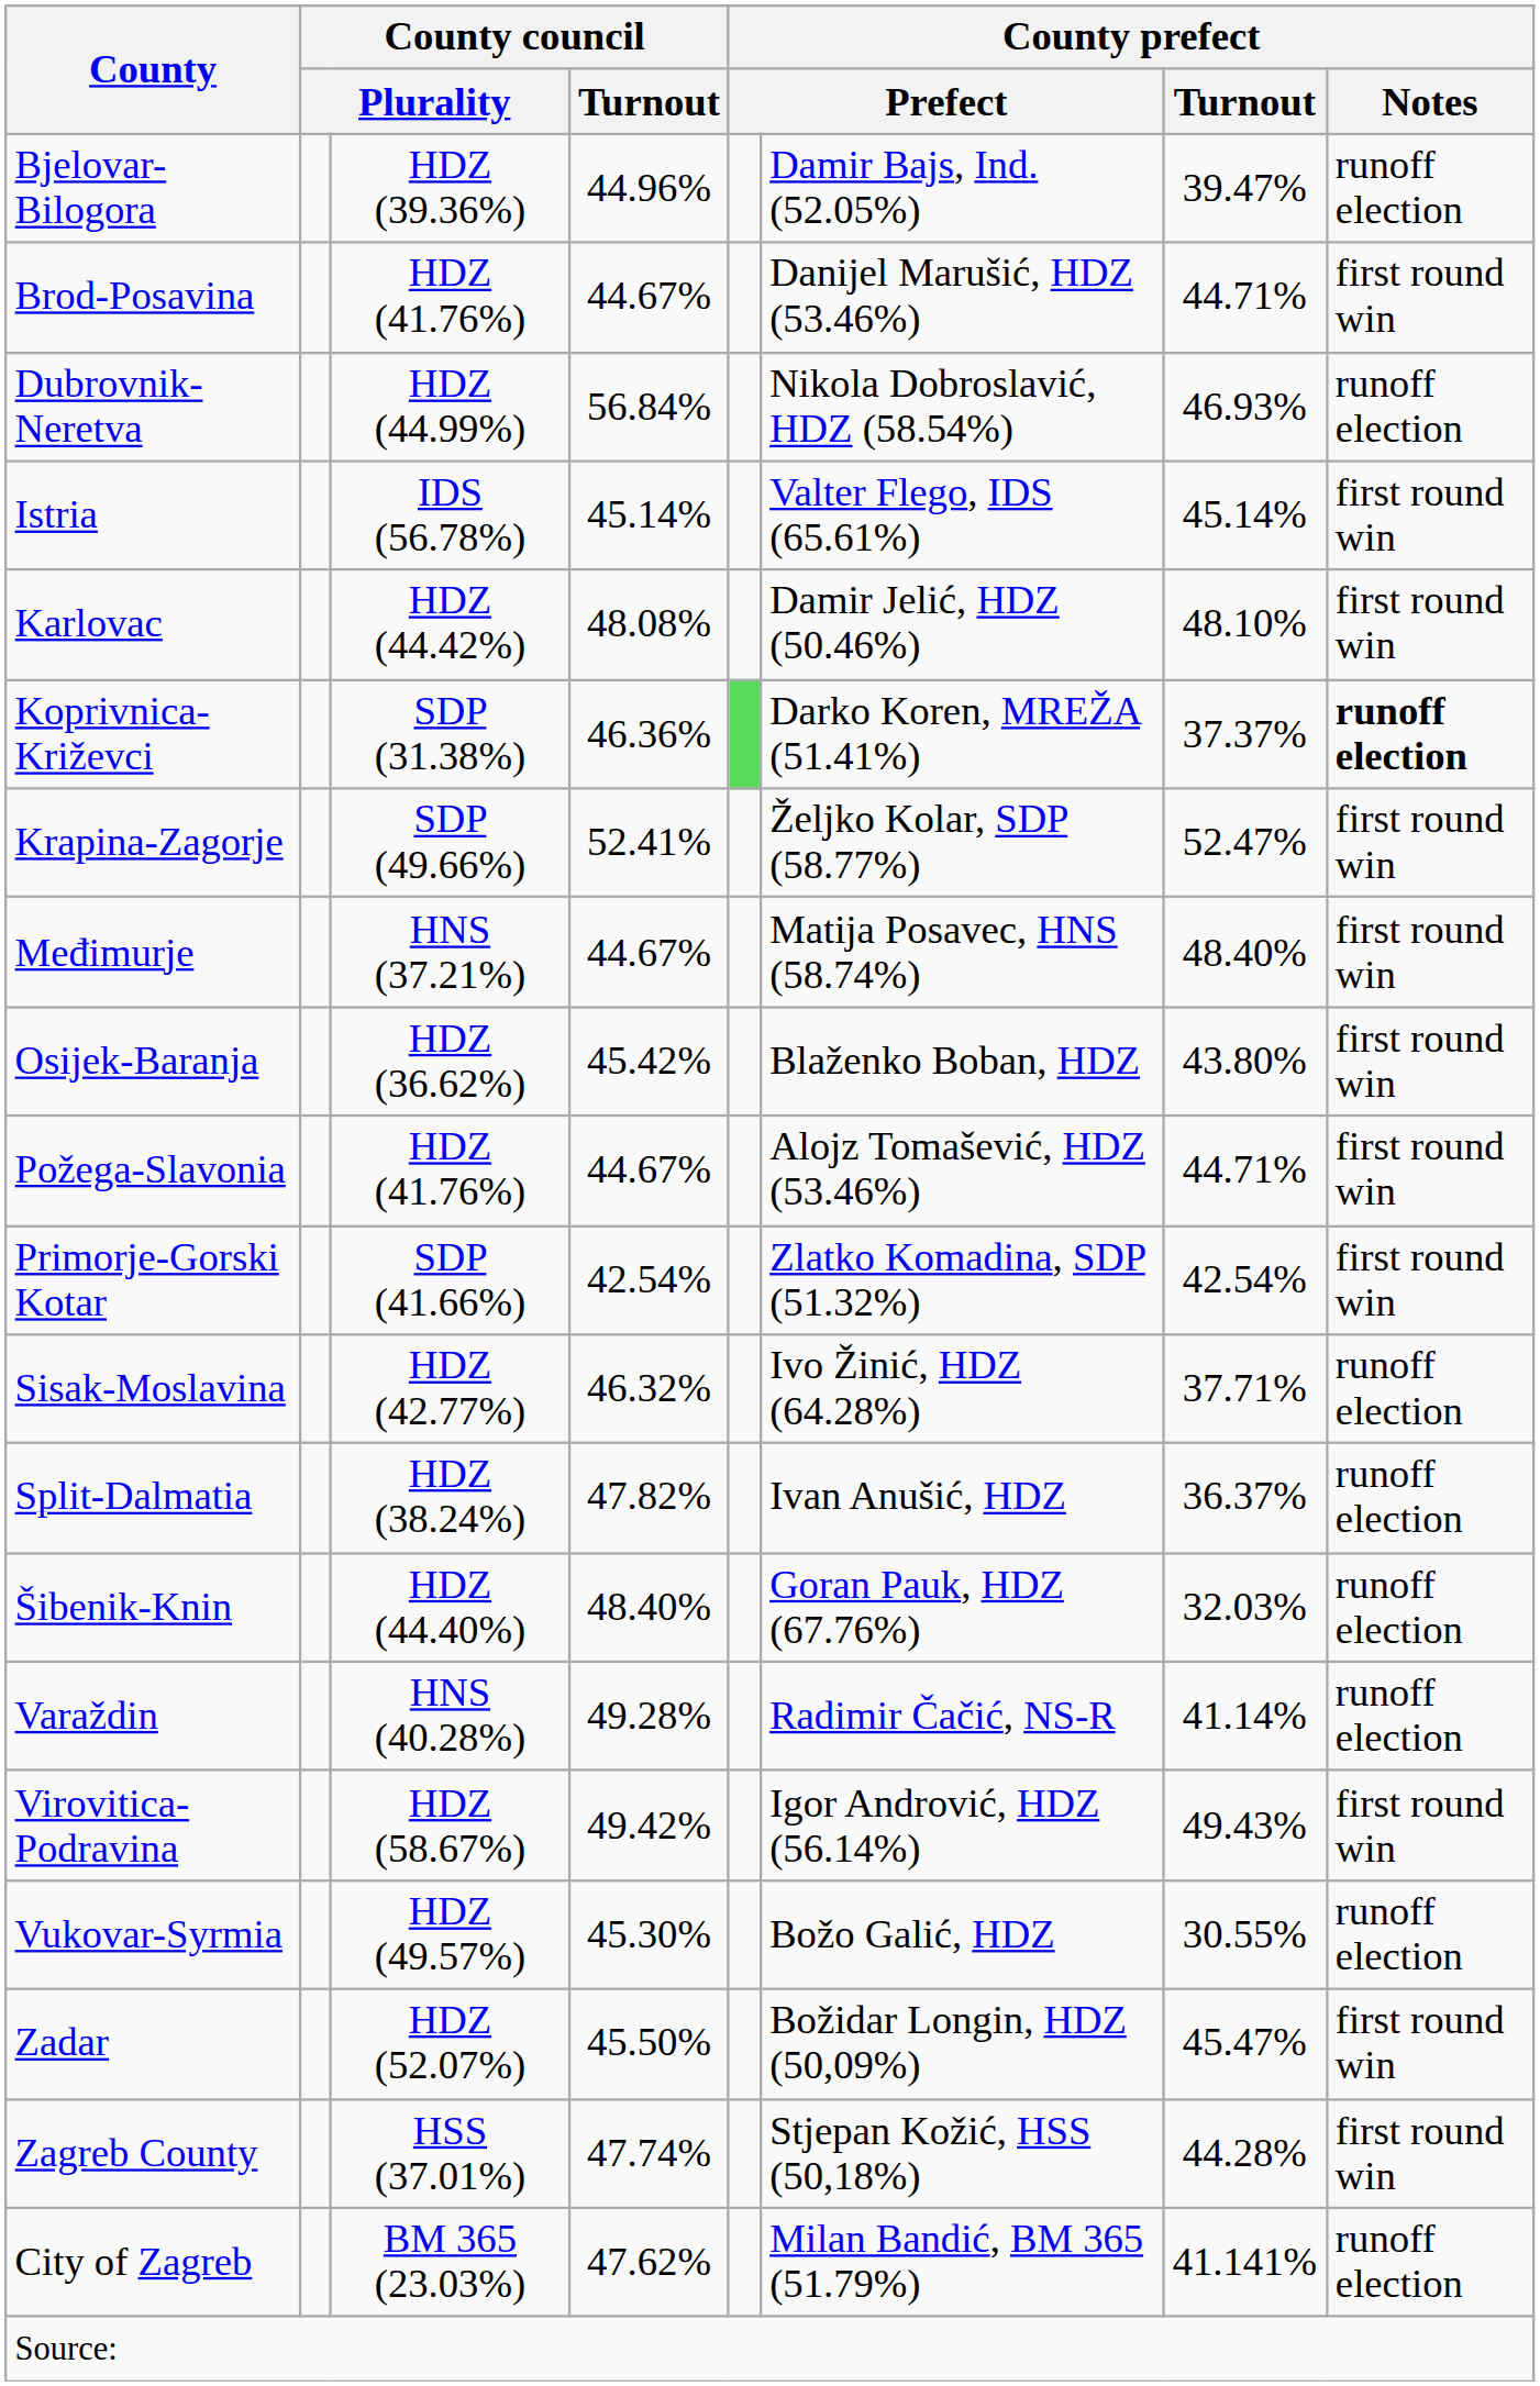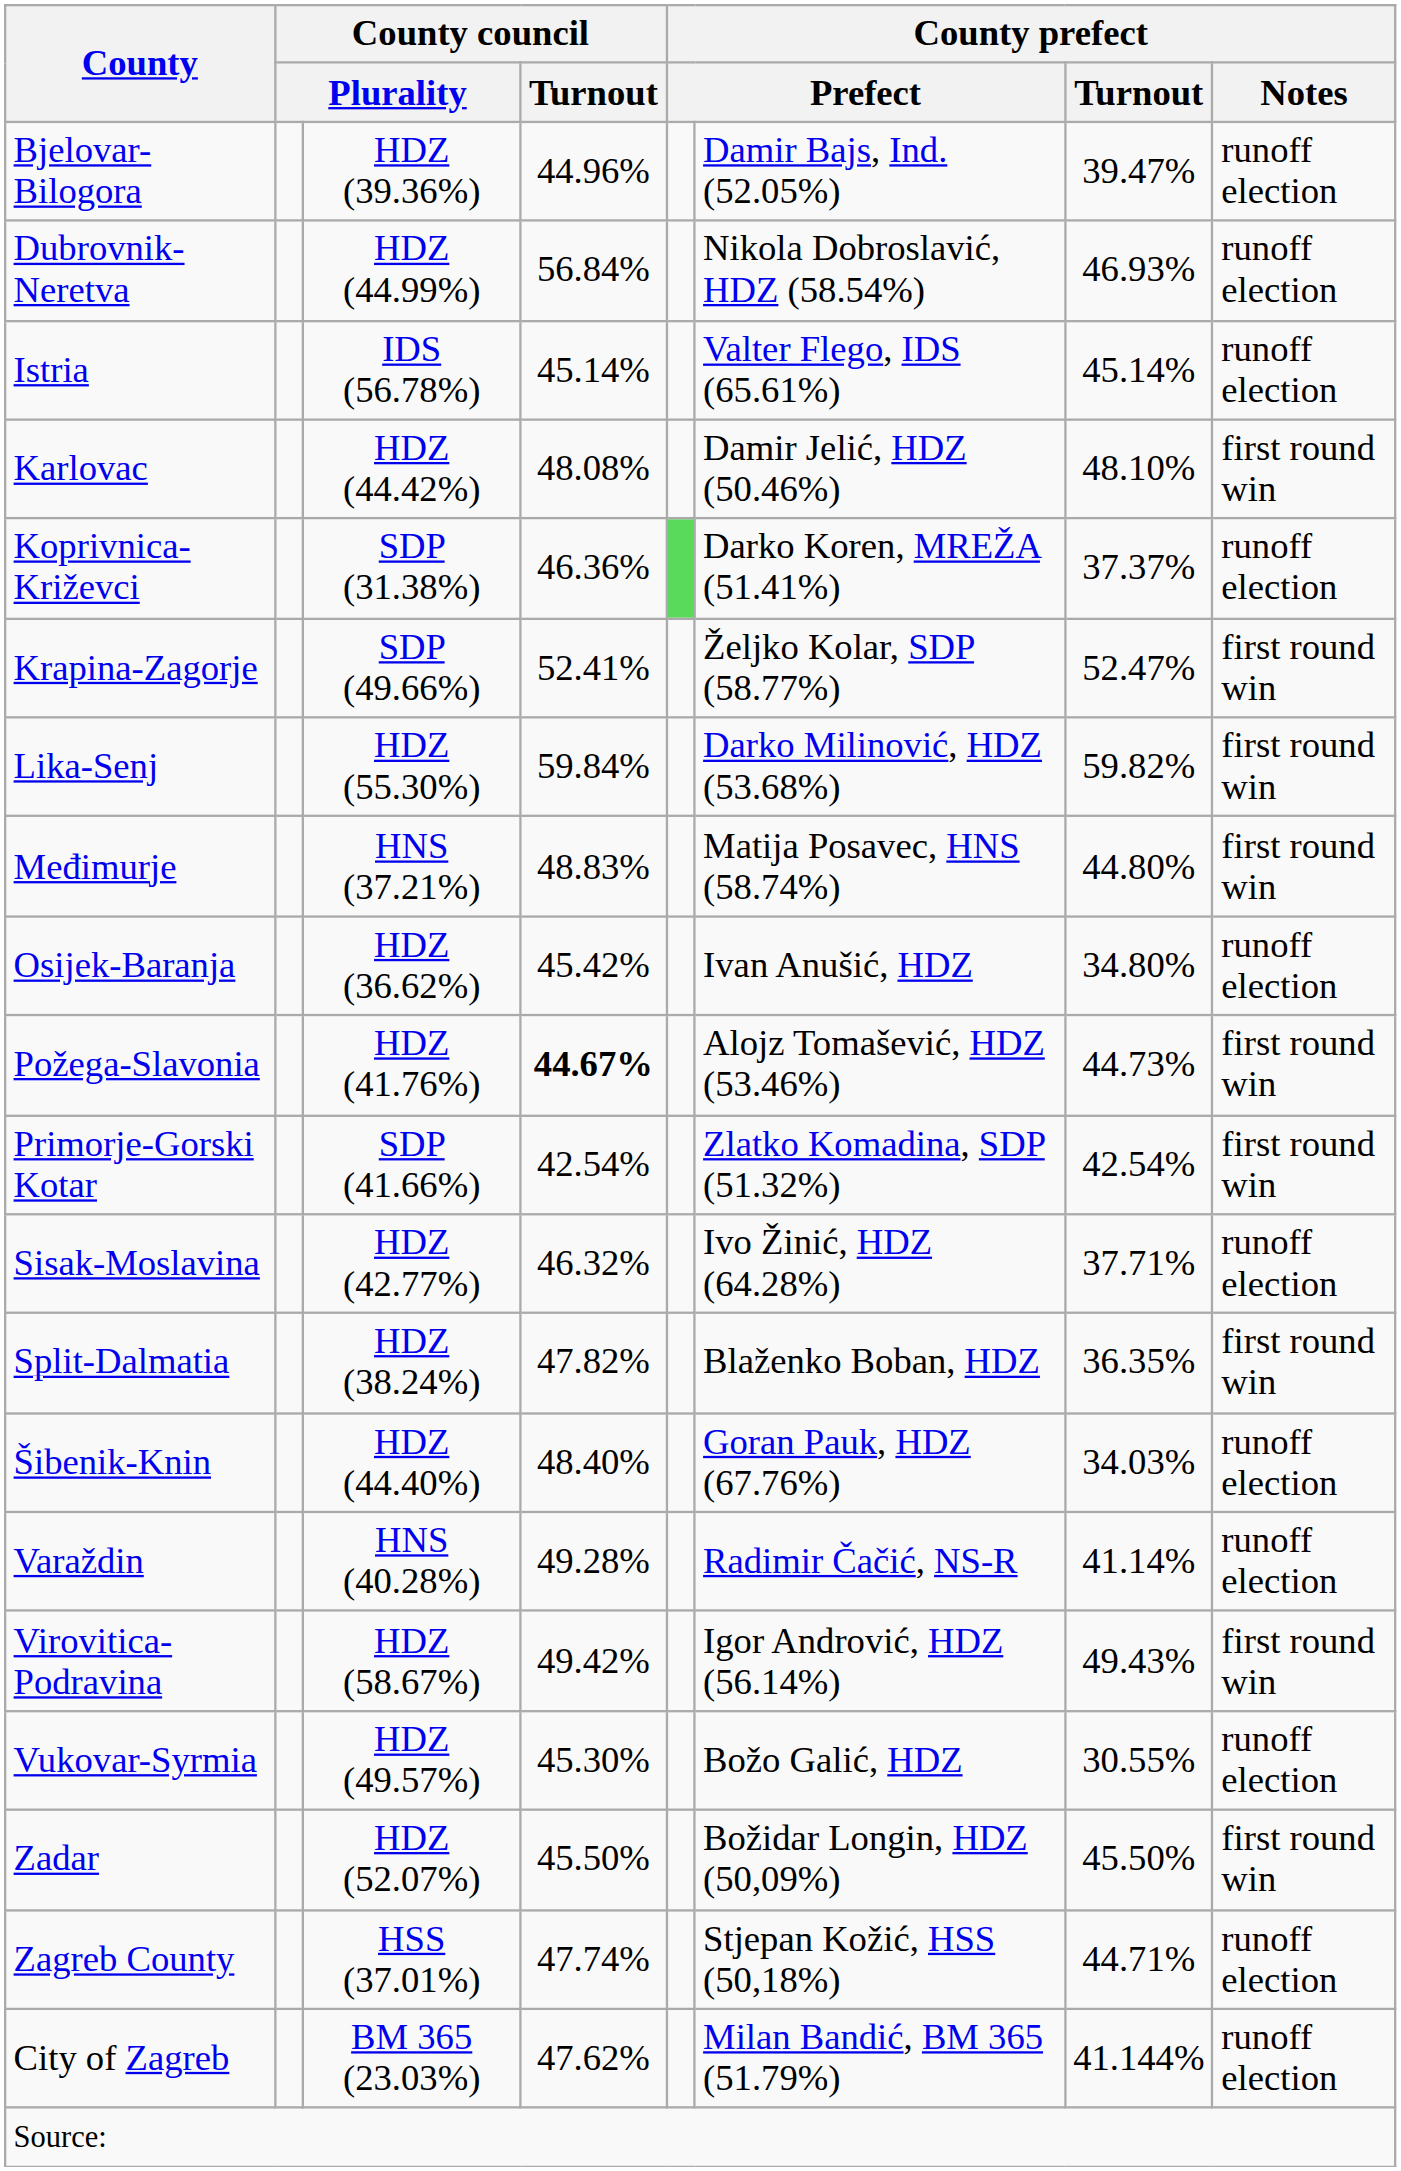 <table class="wikitable">
 <tr>
 <th rowspan=2><a href='#'>County</a></th>
 <th colspan=3>County council</th>
 <th colspan=4>County prefect</th>
 </tr>
 <tr>
 <th colspan=2><a href='#'>Plurality</a></th>
 <th>Turnout</th>
 <th colspan=2>Prefect</th>
 <th>Turnout</th>
 <th>Notes</th>
 </tr>
 <tr>
 <td><a href='#'>Bjelovar-Bilogora</a></td>
 <td width=5px style="background-color:"></td>
 <td style="text-align:center;"><a href='#'>HDZ</a> (39.36%)</td>
 <td style="text-align:center;">44.96%</td>
 <td width=5px style="background-color:"></td>
 <td><a href='#'>Damir Bajs</a>, <a href='#'>Ind.</a> (52.05%)</td>
 <td style="text-align:center;">39.47%</td>
 <td>runoff election</td>
 </tr>
 <tr>
-<td><a href='#'>Brod-Posavina</a></td>
-<td width=5px style="background-color:"></td>
-<td style="text-align:center;"><a href='#'>HDZ</a> (41.76%)</td>
-<td style="text-align:center;">44.67%</td>
-<td width=5px style="background-color:"></td>
-<td>Danijel Marušić, <a href='#'>HDZ</a> (53.46%)</td>
-<td style="text-align:center;">44.71%</td>
-<td>first round win</td>
-</tr>
-<tr>
 <td><a href='#'>Dubrovnik-Neretva</a></td>
 <td width=5px style="background-color:"></td>
 <td style="text-align:center;"><a href='#'>HDZ</a> (44.99%)</td>
 <td style="text-align:center;">56.84%</td>
 <td width=5px style="background-color:"></td>
 <td>Nikola Dobroslavić, <a href='#'>HDZ</a> (58.54%)</td>
 <td style="text-align:center;">46.93%</td>
 <td>runoff election</td>
 </tr>
 <tr>
 <td><a href='#'>Istria</a></td>
 <td width=5px style="background-color:"></td>
 <td style="text-align:center;"><a href='#'>IDS</a> (56.78%)</td>
 <td style="text-align:center;">45.14%</td>
 <td width=5px style="background-color:"></td>
 <td><a href='#'>Valter Flego</a>, <a href='#'>IDS</a> (65.61%)</td>
 <td style="text-align:center;">45.14%</td>
-<td>first round win</td>
+<td>runoff election</td>
 </tr>
 <tr>
 <td><a href='#'>Karlovac</a></td>
 <td width=5px style="background-color:"></td>
 <td style="text-align:center;"><a href='#'>HDZ</a> (44.42%)</td>
 <td style="text-align:center;">48.08%</td>
 <td width=5px style="background-color:"></td>
 <td>Damir Jelić, <a href='#'>HDZ</a> (50.46%)</td>
 <td style="text-align:center;">48.10%</td>
 <td>first round win</td>
 </tr>
 <tr>
 <td><a href='#'>Koprivnica-Križevci</a></td>
 <td width=5px style="background-color:"></td>
 <td style="text-align:center;"><a href='#'>SDP</a> (31.38%)</td>
 <td style="text-align:center;">46.36%</td>
 <td style="background:#5ADA5A;"></td>
 <td>Darko Koren, <a href='#'>MREŽA</a> (51.41%)</td>
 <td style="text-align:center;">37.37%</td>
-<td><strong>runoff election</strong></td>
+<td>runoff election</td>
 </tr>
 <tr>
 <td><a href='#'>Krapina-Zagorje</a></td>
 <td width=5px style="background-color:"></td>
 <td style="text-align:center;"><a href='#'>SDP</a> (49.66%)</td>
 <td style="text-align:center;">52.41%</td>
 <td width=5px style="background-color:"></td>
 <td>Željko Kolar, <a href='#'>SDP</a> (58.77%)</td>
 <td style="text-align:center;">52.47%</td>
 <td>first round win</td>
 </tr>
 <tr>
+<td><a href='#'>Lika-Senj</a></td>
+<td width=5px style="background-color:"></td>
+<td style="text-align:center;"><a href='#'>HDZ</a> (55.30%)</td>
+<td style="text-align:center;">59.84%</td>
+<td width=5px style="background-color:"></td>
+<td><a href='#'>Darko Milinović</a>, <a href='#'>HDZ</a> (53.68%)</td>
+<td style="text-align:center;">59.82%</td>
+<td>first round win</td>
+</tr>
+<tr>
 <td><a href='#'>Međimurje</a></td>
 <td width=5px style="background-color:"></td>
 <td style="text-align:center;"><a href='#'>HNS</a> (37.21%)</td>
-<td style="text-align:center;">44.67%</td>
+<td style="text-align:center;">48.83%</td>
 <td width=5px style="background-color:"></td>
 <td>Matija Posavec, <a href='#'>HNS</a> (58.74%)</td>
-<td style="text-align:center;">48.40%</td>
+<td style="text-align:center;">44.80%</td>
 <td>first round win</td>
 </tr>
 <tr>
 <td><a href='#'>Osijek-Baranja</a></td>
 <td width=5px style="background-color:"></td>
 <td style="text-align:center;"><a href='#'>HDZ</a> (36.62%)</td>
 <td style="text-align:center;">45.42%</td>
 <td width=5px style="background-color:"></td>
-<td>Blaženko Boban, <a href='#'>HDZ</a></td>
-<td style="text-align:center;">43.80%</td>
-<td>first round win</td>
+<td>Ivan Anušić, <a href='#'>HDZ</a></td>
+<td style="text-align:center;">34.80%</td>
+<td>runoff election</td>
 </tr>
 <tr>
 <td><a href='#'>Požega-Slavonia</a></td>
 <td width=5px style="background-color:"></td>
 <td style="text-align:center;"><a href='#'>HDZ</a> (41.76%)</td>
-<td style="text-align:center;">44.67%</td>
+<td style="text-align:center;"><strong>44.67%</strong></td>
 <td width=5px style="background-color:"></td>
 <td>Alojz Tomašević, <a href='#'>HDZ</a> (53.46%)</td>
-<td style="text-align:center;">44.71%</td>
+<td style="text-align:center;">44.73%</td>
 <td>first round win</td>
 </tr>
 <tr>
 <td><a href='#'>Primorje-Gorski Kotar</a></td>
 <td width=5px style="background-color:"></td>
 <td style="text-align:center;"><a href='#'>SDP</a> (41.66%)</td>
 <td style="text-align:center;">42.54%</td>
 <td width=5px style="background-color:"></td>
 <td><a href='#'>Zlatko Komadina</a>, <a href='#'>SDP</a> (51.32%)</td>
 <td style="text-align:center;">42.54%</td>
 <td>first round win</td>
 </tr>
 <tr>
 <td><a href='#'>Sisak-Moslavina</a></td>
 <td width=5px style="background-color:"></td>
 <td style="text-align:center;"><a href='#'>HDZ</a> (42.77%)</td>
 <td style="text-align:center;">46.32%</td>
 <td width=5px style="background-color:"></td>
 <td>Ivo Žinić, <a href='#'>HDZ</a> (64.28%)</td>
 <td style="text-align:center;">37.71%</td>
 <td>runoff election</td>
 </tr>
 <tr>
 <td><a href='#'>Split-Dalmatia</a></td>
 <td width=5px style="background-color:"></td>
 <td style="text-align:center;"><a href='#'>HDZ</a> (38.24%)</td>
 <td style="text-align:center;">47.82%</td>
 <td width=5px style="background-color:"></td>
-<td>Ivan Anušić, <a href='#'>HDZ</a></td>
-<td style="text-align:center;">36.37%</td>
-<td>runoff election</td>
+<td>Blaženko Boban, <a href='#'>HDZ</a></td>
+<td style="text-align:center;">36.35%</td>
+<td>first round win</td>
 </tr>
 <tr>
 <td><a href='#'>Šibenik-Knin</a></td>
 <td width=5px style="background-color:"></td>
 <td style="text-align:center;"><a href='#'>HDZ</a> (44.40%)</td>
 <td style="text-align:center;">48.40%</td>
 <td width=5px style="background-color:"></td>
 <td><a href='#'>Goran Pauk</a>, <a href='#'>HDZ</a> (67.76%)</td>
-<td style="text-align:center;">32.03%</td>
+<td style="text-align:center;">34.03%</td>
 <td>runoff election</td>
 </tr>
 <tr>
 <td><a href='#'>Varaždin</a></td>
 <td width=5px style="background-color:"></td>
 <td style="text-align:center;"><a href='#'>HNS</a> (40.28%)</td>
 <td style="text-align:center;">49.28%</td>
 <td width=5px style="background-color:"></td>
 <td><a href='#'>Radimir Čačić</a>, <a href='#'>NS-R</a></td>
 <td style="text-align:center;">41.14%</td>
 <td>runoff election</td>
 </tr>
 <tr>
 <td><a href='#'>Virovitica-Podravina</a></td>
 <td width=5px style="background-color:"></td>
 <td style="text-align:center;"><a href='#'>HDZ</a> (58.67%)</td>
 <td style="text-align:center;">49.42%</td>
 <td width=5px style="background-color:"></td>
 <td>Igor Andrović, <a href='#'>HDZ</a> (56.14%)</td>
 <td style="text-align:center;">49.43%</td>
 <td>first round win</td>
 </tr>
 <tr>
 <td><a href='#'>Vukovar-Syrmia</a></td>
 <td width=5px style="background-color:"></td>
 <td style="text-align:center;"><a href='#'>HDZ</a> (49.57%)</td>
 <td style="text-align:center;">45.30%</td>
 <td width=5px style="background-color:"></td>
 <td>Božo Galić, <a href='#'>HDZ</a></td>
 <td style="text-align:center;">30.55%</td>
 <td>runoff election</td>
 </tr>
 <tr>
 <td><a href='#'>Zadar</a></td>
 <td width=5px style="background-color:"></td>
 <td style="text-align:center;"><a href='#'>HDZ</a> (52.07%)</td>
 <td style="text-align:center;">45.50%</td>
 <td width=5px style="background-color:"></td>
 <td>Božidar Longin, <a href='#'>HDZ</a> (50,09%)</td>
-<td style="text-align:center;">45.47%</td>
+<td style="text-align:center;">45.50%</td>
 <td>first round win</td>
 </tr>
 <tr>
 <td><a href='#'>Zagreb County</a></td>
 <td width=5px style="background-color:"></td>
 <td style="text-align:center;"><a href='#'>HSS</a> (37.01%)</td>
 <td style="text-align:center;">47.74%</td>
 <td width=5px style="background-color:"></td>
 <td>Stjepan Kožić, <a href='#'>HSS</a> (50,18%)</td>
-<td style="text-align:center;">44.28%</td>
-<td>first round win</td>
+<td style="text-align:center;">44.71%</td>
+<td>runoff election</td>
 </tr>
 <tr>
 <td>City of <a href='#'>Zagreb</a></td>
 <td width=5px style="background-color:"></td>
 <td style="text-align:center;"><a href='#'>BM 365</a> (23.03%)</td>
 <td style="text-align:center;">47.62%</td>
 <td width=5px style="background-color:"></td>
 <td><a href='#'>Milan Bandić</a>, <a href='#'>BM 365</a> (51.79%)</td>
-<td style="text-align:center;">41.141%</td>
+<td style="text-align:center;">41.144%</td>
 <td>runoff election</td>
 </tr>
 <tr>
 <td colspan=8><small>Source:</small></td>
 </tr>
 </table>
